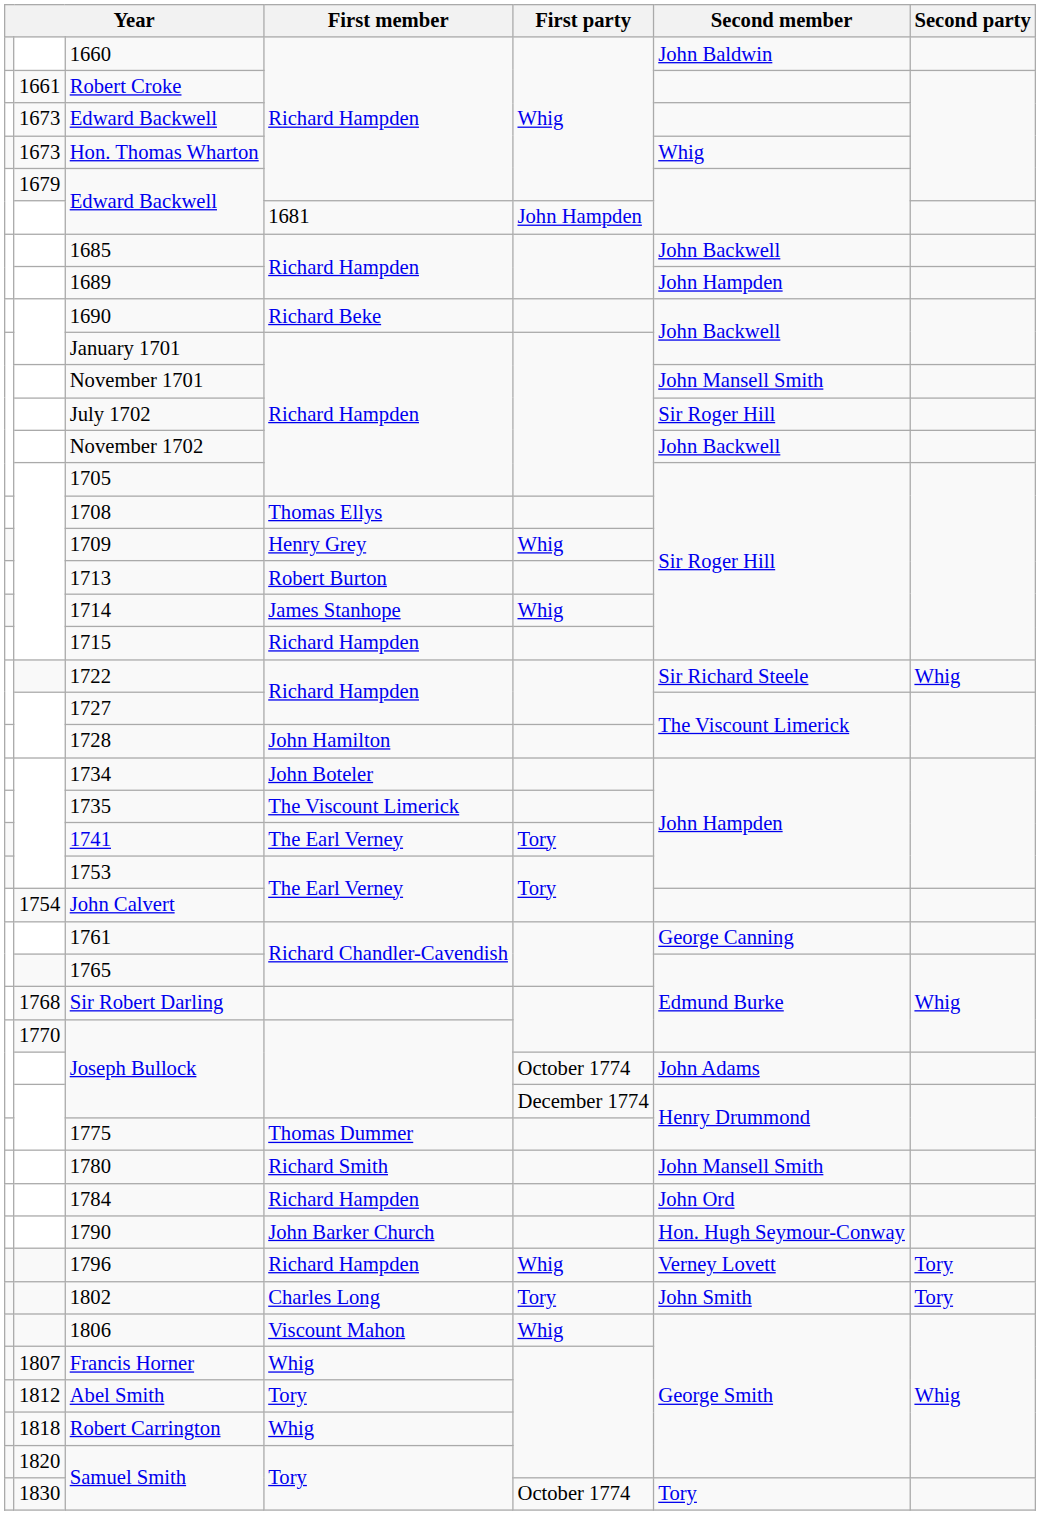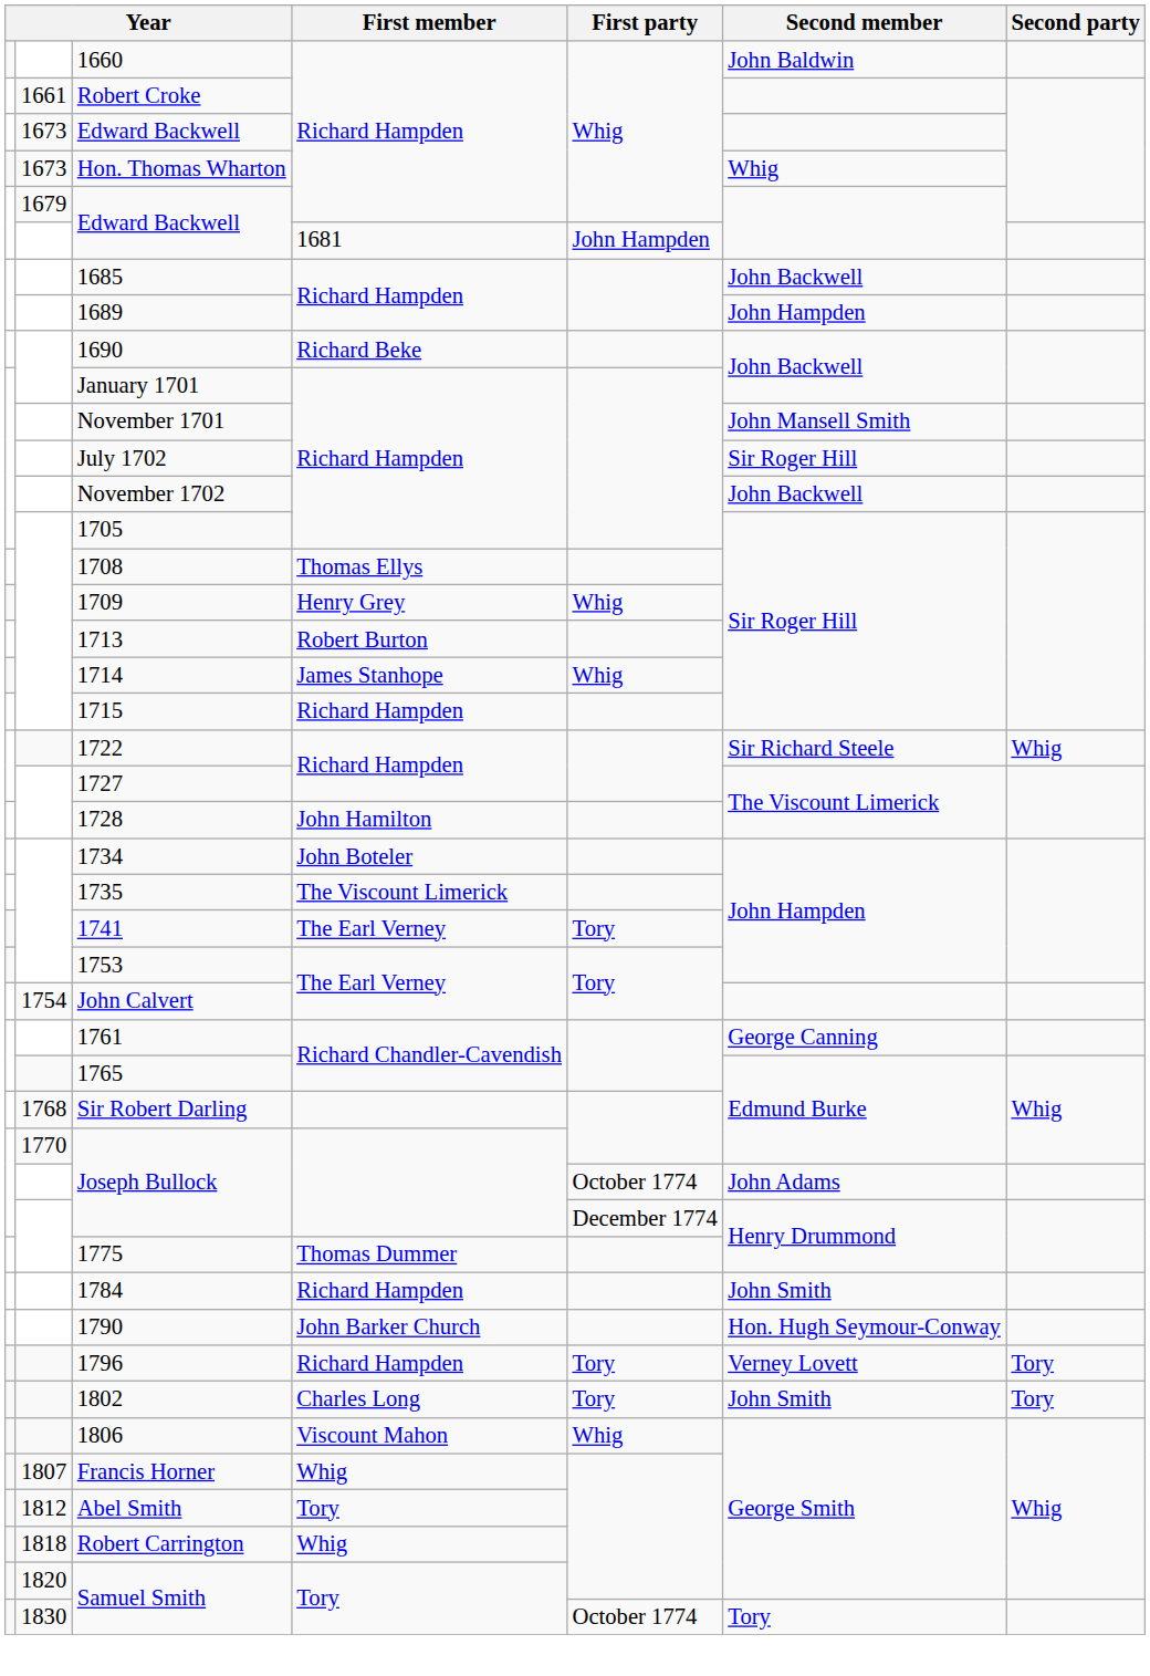 <table class="wikitable">
 <tr>
 <th colspan="3">Year</th>
 <th>First member</th>
 <th>First party</th>
 <th>Second member</th>
 <th>Second party</th>
 </tr>
 <tr>
 <td style="color:inherit;background-color: "></td>
 <td style="color:inherit;background-color: white"></td>
 <td>1660</td>
 <td rowspan="5"><a href='#'>Richard Hampden</a></td>
 <td rowspan="5"><a href='#'>Whig</a></td>
 <td><a href='#'>John Baldwin</a></td>
 <td></td>
 </tr>
 <tr>
 <td style="color:inherit;background-color: white"></td>
 <td>1661</td>
 <td><a href='#'>Robert Croke</a></td>
 <td></td>
 </tr>
 <tr>
 <td style="color:inherit;background-color: white"></td>
 <td>1673</td>
 <td><a href='#'>Edward Backwell</a></td>
 <td></td>
 </tr>
 <tr>
 <td style="color:inherit;background-color: "></td>
 <td>1673</td>
 <td><a href='#'>Hon. Thomas Wharton</a></td>
 <td><a href='#'>Whig</a></td>
 </tr>
 <tr>
 <td style="color:inherit;background-color: white" rowspan="2"></td>
 <td>1679</td>
 <td rowspan="2"><a href='#'>Edward Backwell</a></td>
 <td rowspan="2"></td>
 </tr>
 <tr>
 <td style="color:inherit;background-color: white"></td>
 <td>1681</td>
 <td><a href='#'>John Hampden</a></td>
 <td></td>
 </tr>
 <tr>
 <td style="color:inherit;background-color: white" rowspan="2"></td>
 <td style="color:inherit;background-color: white"></td>
 <td>1685</td>
 <td rowspan="2"><a href='#'>Richard Hampden</a></td>
 <td rowspan="2"></td>
 <td><a href='#'>John Backwell</a></td>
 <td></td>
 </tr>
 <tr>
 <td style="color:inherit;background-color: white"></td>
 <td>1689</td>
 <td><a href='#'>John Hampden</a></td>
 <td></td>
 </tr>
 <tr>
 <td style="color:inherit;background-color: white"></td>
 <td style="color:inherit;background-color: white" rowspan="2"></td>
 <td>1690</td>
 <td><a href='#'>Richard Beke</a></td>
 <td></td>
 <td rowspan="2"><a href='#'>John Backwell</a></td>
 <td rowspan="2"></td>
 </tr>
 <tr>
 <td style="color:inherit;background-color: white" rowspan="5"></td>
 <td>January 1701</td>
 <td rowspan="5"><a href='#'>Richard Hampden</a></td>
 <td rowspan="5"></td>
 </tr>
 <tr>
 <td style="color:inherit;background-color: white"></td>
 <td>November 1701</td>
 <td><a href='#'>John Mansell Smith</a></td>
 <td></td>
 </tr>
 <tr>
 <td style="color:inherit;background-color: white"></td>
 <td>July 1702</td>
 <td><a href='#'>Sir Roger Hill</a></td>
 <td></td>
 </tr>
 <tr>
 <td style="color:inherit;background-color: white"></td>
 <td>November 1702</td>
 <td><a href='#'>John Backwell</a></td>
 <td></td>
 </tr>
 <tr>
 <td style="color:inherit;background-color: white" rowspan="6"></td>
 <td>1705</td>
 <td rowspan="6"><a href='#'>Sir Roger Hill</a></td>
 <td rowspan="6"></td>
 </tr>
 <tr>
 <td style="color:inherit;background-color: white"></td>
 <td>1708</td>
 <td><a href='#'>Thomas Ellys</a></td>
 <td></td>
 </tr>
 <tr>
 <td style="color:inherit;background-color: "></td>
 <td>1709</td>
 <td><a href='#'>Henry Grey</a></td>
 <td><a href='#'>Whig</a></td>
 </tr>
 <tr>
 <td style="color:inherit;background-color: white"></td>
 <td>1713</td>
 <td><a href='#'>Robert Burton</a></td>
 <td></td>
 </tr>
 <tr>
 <td style="color:inherit;background-color: "></td>
 <td>1714</td>
 <td><a href='#'>James Stanhope</a></td>
 <td><a href='#'>Whig</a></td>
 </tr>
 <tr>
 <td style="color:inherit;background-color: white"></td>
 <td>1715</td>
 <td><a href='#'>Richard Hampden</a></td>
 <td></td>
 </tr>
 <tr>
 <td style="color:inherit;background-color: white" rowspan="2"></td>
 <td style="color:inherit;background-color: "></td>
 <td>1722</td>
 <td rowspan="2"><a href='#'>Richard Hampden</a></td>
 <td rowspan="2"></td>
 <td><a href='#'>Sir Richard Steele</a></td>
 <td><a href='#'>Whig</a></td>
 </tr>
 <tr>
 <td style="color:inherit;background-color: white" rowspan="2"></td>
 <td>1727</td>
 <td rowspan="2"><a href='#'>The Viscount Limerick</a></td>
 <td rowspan="2"></td>
 </tr>
 <tr>
 <td style="color:inherit;background-color: white"></td>
 <td>1728</td>
 <td><a href='#'>John Hamilton</a></td>
 <td></td>
 </tr>
 <tr>
 <td style="color:inherit;background-color: white"></td>
 <td style="color:inherit;background-color: white" rowspan="4"></td>
 <td>1734</td>
 <td><a href='#'>John Boteler</a></td>
 <td></td>
 <td rowspan="4"><a href='#'>John Hampden</a></td>
 <td rowspan="4"></td>
 </tr>
 <tr>
 <td style="color:inherit;background-color: white"></td>
 <td>1735</td>
 <td><a href='#'>The Viscount Limerick</a></td>
 <td></td>
 </tr>
 <tr>
 <td style="color:inherit;background-color: "></td>
 <td><a href='#'>1741</a></td>
 <td><a href='#'>The Earl Verney</a></td>
 <td><a href='#'>Tory</a></td>
 </tr>
 <tr>
 <td style="color:inherit;background-color: "></td>
 <td>1753</td>
 <td rowspan="2"><a href='#'>The Earl Verney</a></td>
 <td rowspan="2"><a href='#'>Tory</a></td>
 </tr>
 <tr>
 <td style="color:inherit;background-color: white"></td>
 <td>1754</td>
 <td><a href='#'>John Calvert</a></td>
 <td></td>
 </tr>
 <tr>
 <td style="color:inherit;background-color: white" rowspan="2"></td>
 <td style="color:inherit;background-color: white"></td>
 <td>1761</td>
 <td rowspan="2"><a href='#'>Richard Chandler-Cavendish</a></td>
 <td rowspan="2"></td>
 <td><a href='#'>George Canning</a></td>
 <td></td>
 </tr>
 <tr>
 <td style="color:inherit;background-color: "></td>
 <td>1765</td>
 <td rowspan="3"><a href='#'>Edmund Burke</a></td>
 <td rowspan="3"><a href='#'>Whig</a></td>
 </tr>
 <tr>
 <td style="color:inherit;background-color: white"></td>
 <td>1768</td>
 <td><a href='#'>Sir Robert Darling</a></td>
 <td></td>
 </tr>
 <tr>
 <td style="color:inherit;background-color: white" rowspan="3"></td>
 <td>1770</td>
 <td rowspan="3"><a href='#'>Joseph Bullock</a></td>
 <td rowspan="3"></td>
 </tr>
 <tr>
 <td style="color:inherit;background-color: white"></td>
 <td>October 1774</td>
 <td><a href='#'>John Adams</a></td>
 <td></td>
 </tr>
 <tr>
 <td style="color:inherit;background-color: white" rowspan="2"></td>
 <td>December 1774</td>
 <td rowspan="2"><a href='#'>Henry Drummond</a></td>
 <td rowspan="2"></td>
 </tr>
 <tr>
 <td style="color:inherit;background-color: white"></td>
 <td>1775</td>
 <td><a href='#'>Thomas Dummer</a></td>
 <td></td>
 </tr>
 <tr>
 <td style="color:inherit;background-color: white"></td>
 <td style="color:inherit;background-color: white"></td>
-<td>1780</td>
-<td><a href='#'>Richard Smith</a></td>
-<td></td>
-<td><a href='#'>John Mansell Smith</a></td>
-<td></td>
-</tr>
-<tr>
-<td style="color:inherit;background-color: white"></td>
-<td style="color:inherit;background-color: white"></td>
 <td>1784</td>
 <td><a href='#'>Richard Hampden</a></td>
 <td></td>
-<td><a href='#'>John Ord</a></td>
+<td><a href='#'>John Smith</a></td>
 <td></td>
 </tr>
 <tr>
 <td style="color:inherit;background-color: white"></td>
 <td style="color:inherit;background-color: white"></td>
 <td>1790</td>
 <td><a href='#'>John Barker Church</a></td>
 <td></td>
 <td><a href='#'>Hon. Hugh Seymour-Conway</a></td>
 <td></td>
 </tr>
 <tr>
 <td style="color:inherit;background-color: "></td>
 <td style="color:inherit;background-color: "></td>
 <td>1796</td>
 <td><a href='#'>Richard Hampden</a></td>
-<td><a href='#'>Whig</a></td>
+<td><a href='#'>Tory</a></td>
 <td><a href='#'>Verney Lovett</a></td>
 <td><a href='#'>Tory</a></td>
 </tr>
 <tr>
 <td style="color:inherit;background-color: "></td>
 <td style="color:inherit;background-color: "></td>
 <td>1802</td>
 <td><a href='#'>Charles Long</a></td>
 <td><a href='#'>Tory</a></td>
 <td><a href='#'>John Smith</a></td>
 <td><a href='#'>Tory</a></td>
 </tr>
 <tr>
 <td style="color:inherit;background-color: "></td>
 <td style="color:inherit;background-color: "></td>
 <td>1806</td>
 <td><a href='#'>Viscount Mahon</a></td>
 <td><a href='#'>Whig</a></td>
 <td rowspan="5"><a href='#'>George Smith</a></td>
 <td rowspan="5"><a href='#'>Whig</a></td>
 </tr>
 <tr>
 <td style="color:inherit;background-color: "></td>
 <td>1807</td>
 <td><a href='#'>Francis Horner</a></td>
 <td><a href='#'>Whig</a></td>
 </tr>
 <tr>
 <td style="color:inherit;background-color: "></td>
 <td>1812</td>
 <td><a href='#'>Abel Smith</a></td>
 <td><a href='#'>Tory</a></td>
 </tr>
 <tr>
 <td style="color:inherit;background-color: "></td>
 <td>1818</td>
 <td><a href='#'>Robert Carrington</a></td>
 <td><a href='#'>Whig</a></td>
 </tr>
 <tr>
 <td style="color:inherit;background-color: "></td>
 <td>1820</td>
 <td rowspan="2"><a href='#'>Samuel Smith</a></td>
 <td rowspan="2"><a href='#'>Tory</a></td>
 </tr>
 <tr>
 <td style="color:inherit;background-color: "></td>
 <td>1830</td>
 <td>October 1774</td>
 <td><a href='#'>Tory</a></td>
 </tr>
 </table>
